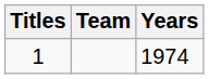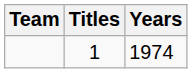 <table class="wikitable sortable" style="text-align:center">
 <tr>
+<th>Team</th>
 <th>Titles</th>
-<th>Team</th>
 <th>Years</th>
 </tr>
 <tr>
+<td style=><em></em></td>
 <td>1</td>
-<td style=><em></em></td>
 <td align=left>1974</td>
 </tr>
 </table>
